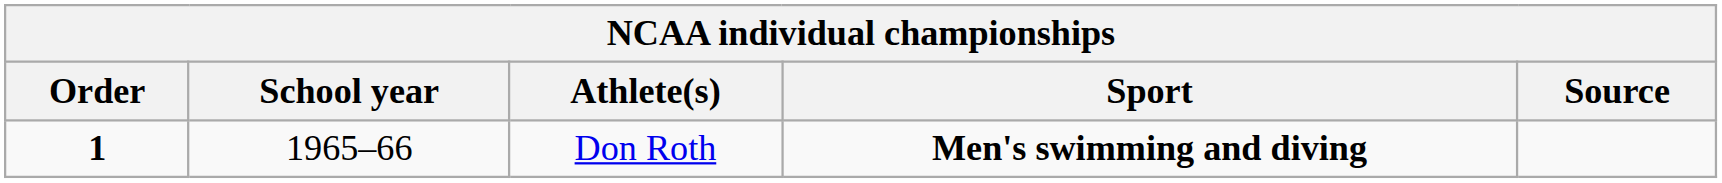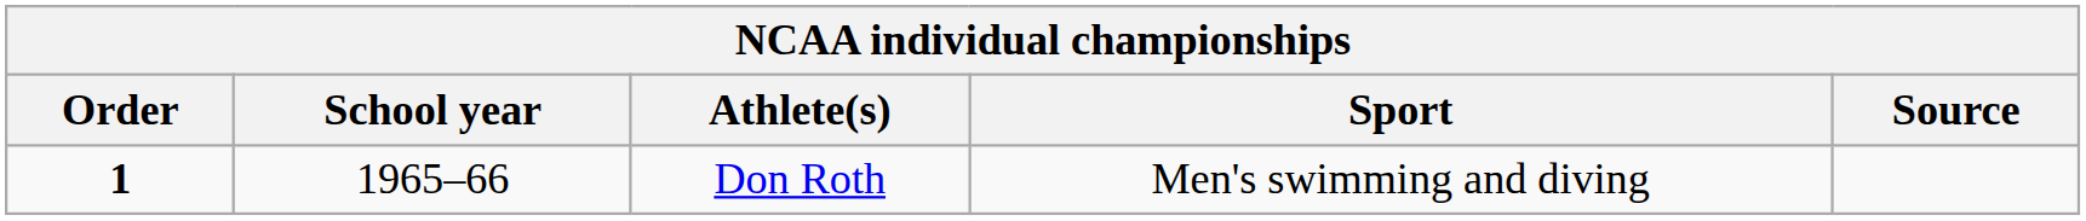 <table class="wikitable sortable" width="60%">
 <tr align="center">
 <th colspan=5>NCAA individual championships</th>
 </tr>
 <tr>
 <th>Order</th>
 <th>School year</th>
 <th>Athlete(s)</th>
 <th>Sport</th>
 <th>Source</th>
 </tr>
 <tr align="center" bgcolor="">
 <td><strong>1</strong></td>
 <td>1965–66</td>
 <td><a href='#'>Don Roth</a></td>
-<td><strong>Men's swimming and diving</strong></td>
+<td>Men's swimming and diving</td>
 <td></td>
 </tr>
 </table>
